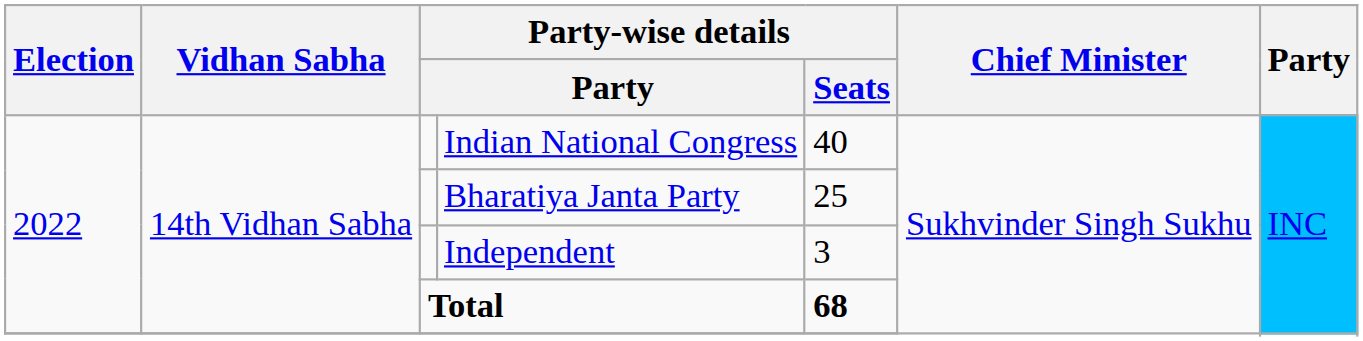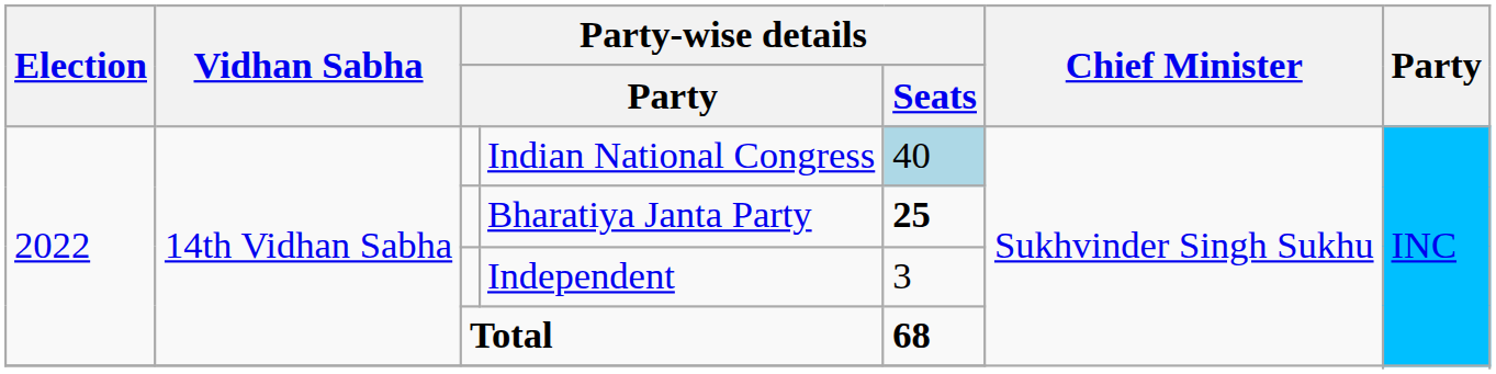 <table class="wikitable sortable">
 <tr>
 <th rowspan="2"><a href='#'>Election</a></th>
 <th rowspan="2"><a href='#'>Vidhan Sabha</a></th>
 <th colspan="3">Party-wise details</th>
 <th rowspan="2"><a href='#'>Chief Minister</a></th>
 <th rowspan="2">Party</th>
 </tr>
 <tr>
 <th colspan="2">Party</th>
 <th><a href='#'>Seats</a></th>
 </tr>
 <tr>
 <td rowspan="4"><a href='#'>2022</a></td>
 <td rowspan="4"><a href='#'>14th Vidhan Sabha</a></td>
 <td style="background-color: "></td>
 <td><a href='#'>Indian National Congress</a></td>
-<td>40</td>
+<td style="background: lightblue;">40</td>
 <td rowspan="5"><a href='#'>Sukhvinder Singh Sukhu</a><br></td>
 <td rowspan="5"; bgcolor=#00BFFF><a href='#'>INC</a></td>
 </tr>
 <tr>
 <td style="background-color: "></td>
 <td><a href='#'>Bharatiya Janta Party</a></td>
-<td>25</td>
+<td><strong>25</strong></td>
 </tr>
 <tr>
 <td style="background-color: "></td>
 <td><a href='#'>Independent</a></td>
 <td>3</td>
 </tr>
 <tr>
 <td colspan="2"><strong>Total</strong></td>
 <td><strong>68</strong></td>
 </tr>
 <tr>
 </tr>
 </table>
